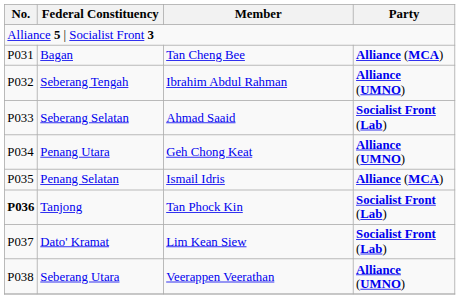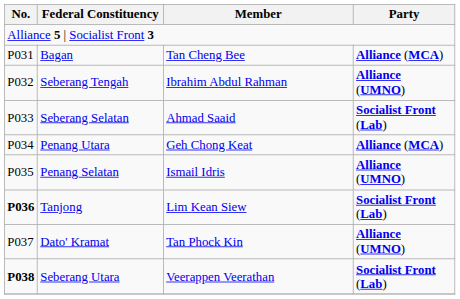 <table class="wikitable sortable">
 <tr>
 <th style="width:30px;">No.</th>
 <th style="width:150px;">Federal Constituency</th>
 <th style="width:230px;">Member</th>
 <th style="width:120px;">Party</th>
 </tr>
 <tr>
 <td colspan="4"><a href='#'>Alliance</a> <strong>5</strong> | <a href='#'>Socialist Front</a> <strong>3</strong></td>
 </tr>
 <tr>
 <td>P031</td>
 <td><a href='#'>Bagan</a></td>
 <td><a href='#'>Tan Cheng Bee</a></td>
 <td><strong><a href='#'>Alliance</a></strong> (<strong><a href='#'>MCA</a></strong>)</td>
 </tr>
 <tr>
 <td>P032</td>
 <td><a href='#'>Seberang Tengah</a></td>
 <td><a href='#'>Ibrahim Abdul Rahman</a></td>
 <td><strong><a href='#'>Alliance</a></strong> (<strong><a href='#'>UMNO</a></strong>)</td>
 </tr>
 <tr>
 <td>P033</td>
 <td><a href='#'>Seberang Selatan</a></td>
 <td><a href='#'>Ahmad Saaid</a></td>
 <td><strong><a href='#'>Socialist Front</a></strong> (<strong><a href='#'>Lab</a></strong>)</td>
 </tr>
 <tr>
 <td>P034</td>
 <td><a href='#'>Penang Utara</a></td>
 <td><a href='#'>Geh Chong Keat</a></td>
-<td><strong><a href='#'>Alliance</a></strong> (<strong><a href='#'>UMNO</a></strong>)</td>
+<td><strong><a href='#'>Alliance</a></strong> (<strong><a href='#'>MCA</a></strong>)</td>
 </tr>
 <tr>
 <td>P035</td>
 <td><a href='#'>Penang Selatan</a></td>
 <td><a href='#'>Ismail Idris</a></td>
-<td><strong><a href='#'>Alliance</a></strong> (<strong><a href='#'>MCA</a></strong>)</td>
+<td><strong><a href='#'>Alliance</a></strong> (<strong><a href='#'>UMNO</a></strong>)</td>
 </tr>
 <tr>
 <td><strong>P036</strong></td>
 <td><a href='#'>Tanjong</a></td>
-<td><a href='#'>Tan Phock Kin</a></td>
+<td><a href='#'>Lim Kean Siew</a></td>
 <td><strong><a href='#'>Socialist Front</a></strong> (<strong><a href='#'>Lab</a></strong>)</td>
 </tr>
 <tr>
 <td>P037</td>
 <td><a href='#'>Dato' Kramat</a></td>
-<td><a href='#'>Lim Kean Siew</a></td>
-<td><strong><a href='#'>Socialist Front</a></strong> (<strong><a href='#'>Lab</a></strong>)</td>
+<td><a href='#'>Tan Phock Kin</a></td>
+<td><strong><a href='#'>Alliance</a></strong> (<strong><a href='#'>UMNO</a></strong>)</td>
 </tr>
 <tr>
-<td>P038</td>
+<td><strong>P038</strong></td>
 <td><a href='#'>Seberang Utara</a></td>
 <td><a href='#'>Veerappen Veerathan</a></td>
-<td><strong><a href='#'>Alliance</a></strong> (<strong><a href='#'>UMNO</a></strong>)</td>
+<td><strong><a href='#'>Socialist Front</a></strong> (<strong><a href='#'>Lab</a></strong>)</td>
 </tr>
 <tr>
 </tr>
 </table>
